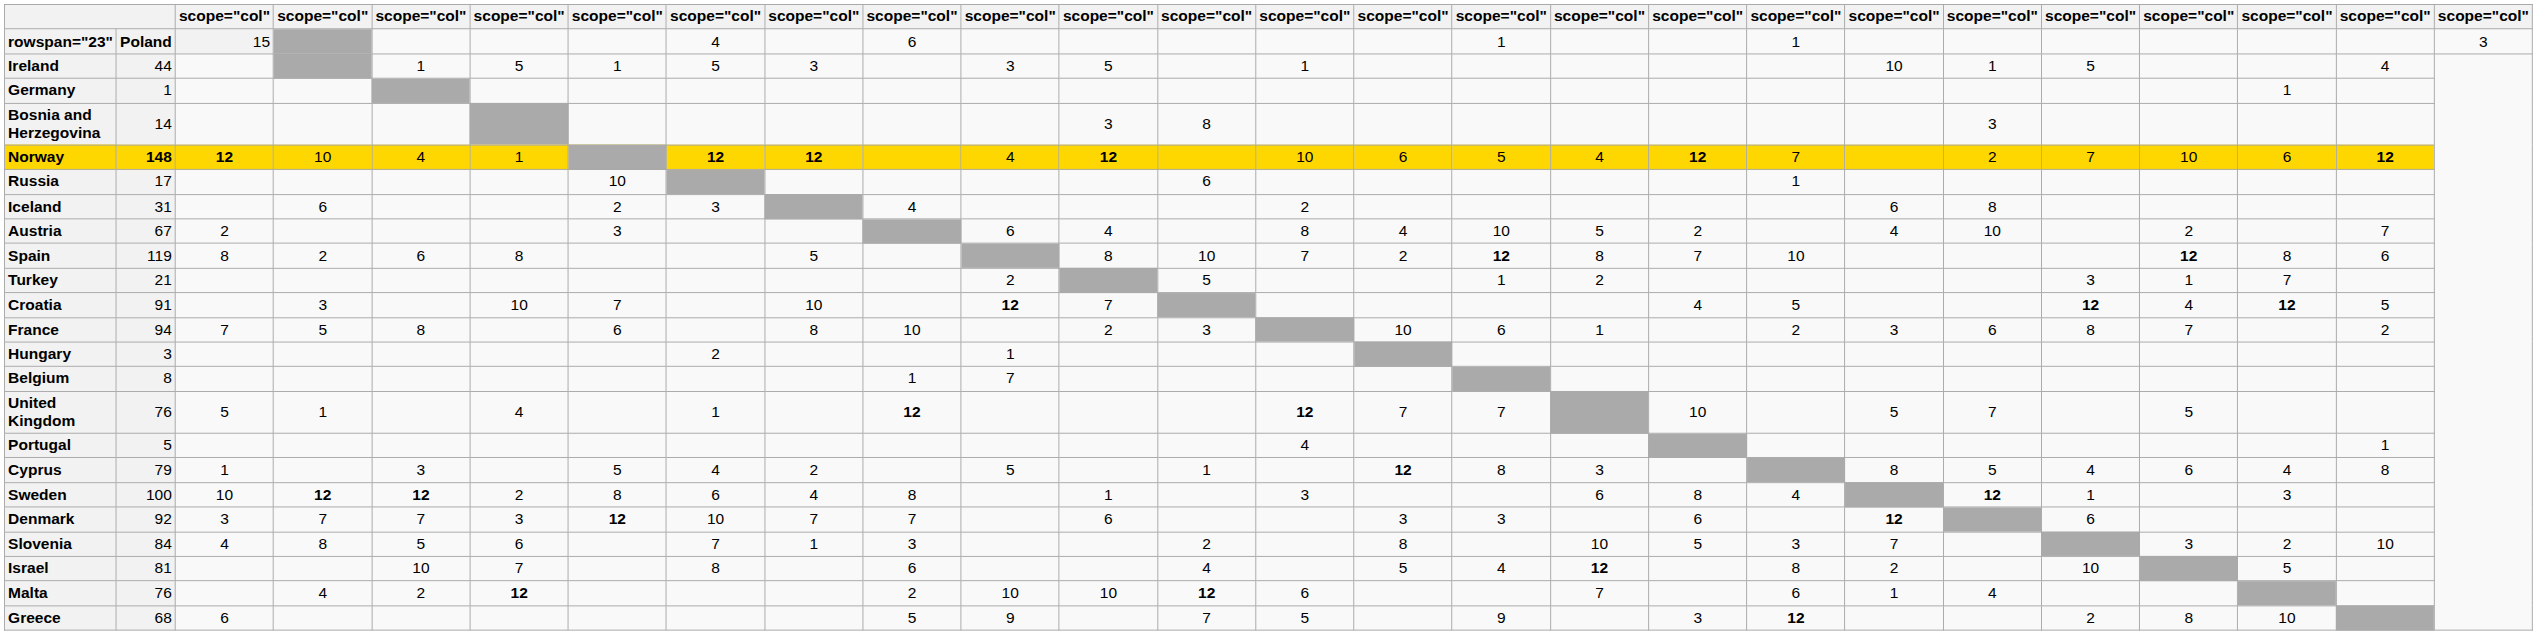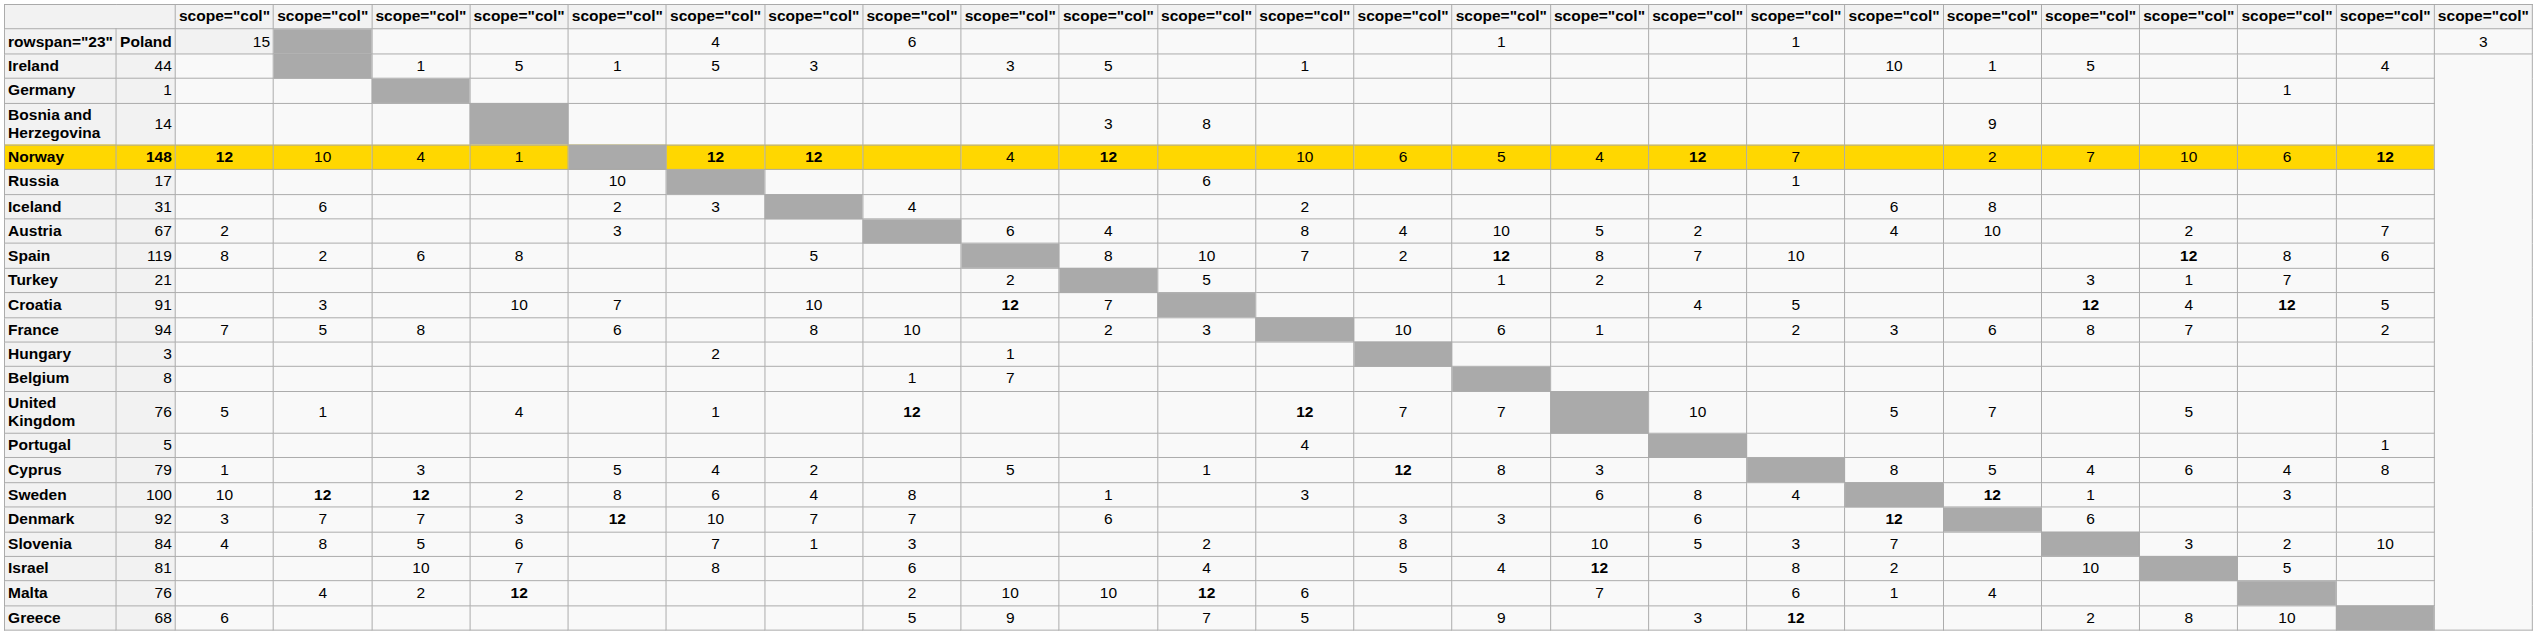 <table class="wikitable plainrowheaders" style="text-align:center;">
 <tr>
 </tr>
 <tr>
 <th colspan="2"></th>
 <th>scope="col" </th>
 <th>scope="col" </th>
 <th>scope="col" </th>
 <th>scope="col" </th>
 <th>scope="col" </th>
 <th>scope="col" </th>
 <th>scope="col" </th>
 <th>scope="col" </th>
 <th>scope="col" </th>
 <th>scope="col" </th>
 <th>scope="col" </th>
 <th>scope="col" </th>
 <th>scope="col" </th>
 <th>scope="col" </th>
 <th>scope="col" </th>
 <th>scope="col" </th>
 <th>scope="col" </th>
 <th>scope="col" </th>
 <th>scope="col" </th>
 <th>scope="col" </th>
 <th>scope="col" </th>
 <th>scope="col" </th>
 <th>scope="col" </th>
 <th>scope="col" </th>
 </tr>
 <tr>
 <th>rowspan="23" </th>
 <th scope="row" style="text-align:left; background:#f2f2f2;">Poland</th>
 <td style="text-align:right; background:#f2f2f2;">15</td>
 <td style="text-align:left; background:#aaa;"></td>
 <td></td>
 <td></td>
 <td></td>
 <td>4</td>
 <td></td>
 <td>6</td>
 <td></td>
 <td></td>
 <td></td>
 <td></td>
 <td></td>
 <td>1</td>
 <td></td>
 <td></td>
 <td>1</td>
 <td></td>
 <td></td>
 <td></td>
 <td></td>
 <td></td>
 <td></td>
 <td>3</td>
 </tr>
 <tr>
 <th scope="row" style="text-align:left; background:#f2f2f2;">Ireland</th>
 <td style="text-align:right; background:#f2f2f2;">44</td>
 <td></td>
 <td style="text-align:left; background:#aaa;"></td>
 <td>1</td>
 <td>5</td>
 <td>1</td>
 <td>5</td>
 <td>3</td>
 <td></td>
 <td>3</td>
 <td>5</td>
 <td></td>
 <td>1</td>
 <td></td>
 <td></td>
 <td></td>
 <td></td>
 <td></td>
 <td>10</td>
 <td>1</td>
 <td>5</td>
 <td></td>
 <td></td>
 <td>4</td>
 </tr>
 <tr>
 <th scope="row" style="text-align:left; background:#f2f2f2;">Germany</th>
 <td style="text-align:right; background:#f2f2f2;">1</td>
 <td></td>
 <td></td>
 <td style="text-align:left; background:#aaa;"></td>
 <td></td>
 <td></td>
 <td></td>
 <td></td>
 <td></td>
 <td></td>
 <td></td>
 <td></td>
 <td></td>
 <td></td>
 <td></td>
 <td></td>
 <td></td>
 <td></td>
 <td></td>
 <td></td>
 <td></td>
 <td></td>
 <td>1</td>
 <td></td>
 </tr>
 <tr>
 <th scope="row" style="text-align:left; background:#f2f2f2;">Bosnia and Herzegovina</th>
 <td style="text-align:right; background:#f2f2f2;">14</td>
 <td></td>
 <td></td>
 <td></td>
 <td style="text-align:left; background:#aaa;"></td>
 <td></td>
 <td></td>
 <td></td>
 <td></td>
 <td></td>
 <td>3</td>
 <td>8</td>
 <td></td>
 <td></td>
 <td></td>
 <td></td>
 <td></td>
 <td></td>
 <td></td>
-<td>3</td>
+<td>9</td>
 <td></td>
 <td></td>
 <td></td>
 <td></td>
 </tr>
 <tr style="background:gold;">
 <th scope="row" style="text-align:left; font-weight:bold; background:gold;">Norway</th>
 <td style="text-align:right; font-weight:bold;">148</td>
 <td><strong>12</strong></td>
 <td>10</td>
 <td>4</td>
 <td>1</td>
 <td style="text-align:left; background:#aaa;"></td>
 <td><strong>12</strong></td>
 <td><strong>12</strong></td>
 <td></td>
 <td>4</td>
 <td><strong>12</strong></td>
 <td></td>
 <td>10</td>
 <td>6</td>
 <td>5</td>
 <td>4</td>
 <td><strong>12</strong></td>
 <td>7</td>
 <td></td>
 <td>2</td>
 <td>7</td>
 <td>10</td>
 <td>6</td>
 <td><strong>12</strong></td>
 </tr>
 <tr>
 <th scope="row" style="text-align:left; background:#f2f2f2;">Russia</th>
 <td style="text-align:right; background:#f2f2f2;">17</td>
 <td></td>
 <td></td>
 <td></td>
 <td></td>
 <td>10</td>
 <td style="text-align:left; background:#aaa;"></td>
 <td></td>
 <td></td>
 <td></td>
 <td></td>
 <td>6</td>
 <td></td>
 <td></td>
 <td></td>
 <td></td>
 <td></td>
 <td>1</td>
 <td></td>
 <td></td>
 <td></td>
 <td></td>
 <td></td>
 <td></td>
 </tr>
 <tr>
 <th scope="row" style="text-align:left; background:#f2f2f2;">Iceland</th>
 <td style="text-align:right; background:#f2f2f2;">31</td>
 <td></td>
 <td>6</td>
 <td></td>
 <td></td>
 <td>2</td>
 <td>3</td>
 <td style="text-align:left; background:#aaa;"></td>
 <td>4</td>
 <td></td>
 <td></td>
 <td></td>
 <td>2</td>
 <td></td>
 <td></td>
 <td></td>
 <td></td>
 <td></td>
 <td>6</td>
 <td>8</td>
 <td></td>
 <td></td>
 <td></td>
 <td></td>
 </tr>
 <tr>
 <th scope="row" style="text-align:left; background:#f2f2f2;">Austria</th>
 <td style="text-align:right; background:#f2f2f2;">67</td>
 <td>2</td>
 <td></td>
 <td></td>
 <td></td>
 <td>3</td>
 <td></td>
 <td></td>
 <td style="text-align:left; background:#aaa;"></td>
 <td>6</td>
 <td>4</td>
 <td></td>
 <td>8</td>
 <td>4</td>
 <td>10</td>
 <td>5</td>
 <td>2</td>
 <td></td>
 <td>4</td>
 <td>10</td>
 <td></td>
 <td>2</td>
 <td></td>
 <td>7</td>
 </tr>
 <tr>
 <th scope="row" style="text-align:left; background:#f2f2f2;">Spain</th>
 <td style="text-align:right; background:#f2f2f2;">119</td>
 <td>8</td>
 <td>2</td>
 <td>6</td>
 <td>8</td>
 <td></td>
 <td></td>
 <td>5</td>
 <td></td>
 <td style="text-align:left; background:#aaa;"></td>
 <td>8</td>
 <td>10</td>
 <td>7</td>
 <td>2</td>
 <td><strong>12</strong></td>
 <td>8</td>
 <td>7</td>
 <td>10</td>
 <td></td>
 <td></td>
 <td></td>
 <td><strong>12</strong></td>
 <td>8</td>
 <td>6</td>
 </tr>
 <tr>
 <th scope="row" style="text-align:left; background:#f2f2f2;">Turkey</th>
 <td style="text-align:right; background:#f2f2f2;">21</td>
 <td></td>
 <td></td>
 <td></td>
 <td></td>
 <td></td>
 <td></td>
 <td></td>
 <td></td>
 <td>2</td>
 <td style="text-align:left; background:#aaa;"></td>
 <td>5</td>
 <td></td>
 <td></td>
 <td>1</td>
 <td>2</td>
 <td></td>
 <td></td>
 <td></td>
 <td></td>
 <td>3</td>
 <td>1</td>
 <td>7</td>
 <td></td>
 </tr>
 <tr>
 <th scope="row" style="text-align:left; background:#f2f2f2;">Croatia</th>
 <td style="text-align:right; background:#f2f2f2;">91</td>
 <td></td>
 <td>3</td>
 <td></td>
 <td>10</td>
 <td>7</td>
 <td></td>
 <td>10</td>
 <td></td>
 <td><strong>12</strong></td>
 <td>7</td>
 <td style="text-align:left; background:#aaa;"></td>
 <td></td>
 <td></td>
 <td></td>
 <td></td>
 <td>4</td>
 <td>5</td>
 <td></td>
 <td></td>
 <td><strong>12</strong></td>
 <td>4</td>
 <td><strong>12</strong></td>
 <td>5</td>
 </tr>
 <tr>
 <th scope="row" style="text-align:left; background:#f2f2f2;">France</th>
 <td style="text-align:right; background:#f2f2f2;">94</td>
 <td>7</td>
 <td>5</td>
 <td>8</td>
 <td></td>
 <td>6</td>
 <td></td>
 <td>8</td>
 <td>10</td>
 <td></td>
 <td>2</td>
 <td>3</td>
 <td style="text-align:left; background:#aaa;"></td>
 <td>10</td>
 <td>6</td>
 <td>1</td>
 <td></td>
 <td>2</td>
 <td>3</td>
 <td>6</td>
 <td>8</td>
 <td>7</td>
 <td></td>
 <td>2</td>
 </tr>
 <tr>
 <th scope="row" style="text-align:left; background:#f2f2f2;">Hungary</th>
 <td style="text-align:right; background:#f2f2f2;">3</td>
 <td></td>
 <td></td>
 <td></td>
 <td></td>
 <td></td>
 <td>2</td>
 <td></td>
 <td></td>
 <td>1</td>
 <td></td>
 <td></td>
 <td></td>
 <td style="text-align:left; background:#aaa;"></td>
 <td></td>
 <td></td>
 <td></td>
 <td></td>
 <td></td>
 <td></td>
 <td></td>
 <td></td>
 <td></td>
 <td></td>
 </tr>
 <tr>
 <th scope="row" style="text-align:left; background:#f2f2f2;">Belgium</th>
 <td style="text-align:right; background:#f2f2f2;">8</td>
 <td></td>
 <td></td>
 <td></td>
 <td></td>
 <td></td>
 <td></td>
 <td></td>
 <td>1</td>
 <td>7</td>
 <td></td>
 <td></td>
 <td></td>
 <td></td>
 <td style="text-align:left; background:#aaa;"></td>
 <td></td>
 <td></td>
 <td></td>
 <td></td>
 <td></td>
 <td></td>
 <td></td>
 <td></td>
 <td></td>
 </tr>
 <tr>
 <th scope="row" style="text-align:left; background:#f2f2f2;">United Kingdom</th>
 <td style="text-align:right; background:#f2f2f2;">76</td>
 <td>5</td>
 <td>1</td>
 <td></td>
 <td>4</td>
 <td></td>
 <td>1</td>
 <td></td>
 <td><strong>12</strong></td>
 <td></td>
 <td></td>
 <td></td>
 <td><strong>12</strong></td>
 <td>7</td>
 <td>7</td>
 <td style="text-align:left; background:#aaa;"></td>
 <td>10</td>
 <td></td>
 <td>5</td>
 <td>7</td>
 <td></td>
 <td>5</td>
 <td></td>
 <td></td>
 </tr>
 <tr>
 <th scope="row" style="text-align:left; background:#f2f2f2;">Portugal</th>
 <td style="text-align:right; background:#f2f2f2;">5</td>
 <td></td>
 <td></td>
 <td></td>
 <td></td>
 <td></td>
 <td></td>
 <td></td>
 <td></td>
 <td></td>
 <td></td>
 <td></td>
 <td>4</td>
 <td></td>
 <td></td>
 <td></td>
 <td style="text-align:left; background:#aaa;"></td>
 <td></td>
 <td></td>
 <td></td>
 <td></td>
 <td></td>
 <td></td>
 <td>1</td>
 </tr>
 <tr>
 <th scope="row" style="text-align:left; background:#f2f2f2;">Cyprus</th>
 <td style="text-align:right; background:#f2f2f2;">79</td>
 <td>1</td>
 <td></td>
 <td>3</td>
 <td></td>
 <td>5</td>
 <td>4</td>
 <td>2</td>
 <td></td>
 <td>5</td>
 <td></td>
 <td>1</td>
 <td></td>
 <td><strong>12</strong></td>
 <td>8</td>
 <td>3</td>
 <td></td>
 <td style="text-align:left; background:#aaa;"></td>
 <td>8</td>
 <td>5</td>
 <td>4</td>
 <td>6</td>
 <td>4</td>
 <td>8</td>
 </tr>
 <tr>
 <th scope="row" style="text-align:left; background:#f2f2f2;">Sweden</th>
 <td style="text-align:right; background:#f2f2f2;">100</td>
 <td>10</td>
 <td><strong>12</strong></td>
 <td><strong>12</strong></td>
 <td>2</td>
 <td>8</td>
 <td>6</td>
 <td>4</td>
 <td>8</td>
 <td></td>
 <td>1</td>
 <td></td>
 <td>3</td>
 <td></td>
 <td></td>
 <td>6</td>
 <td>8</td>
 <td>4</td>
 <td style="text-align:left; background:#aaa;"></td>
 <td><strong>12</strong></td>
 <td>1</td>
 <td></td>
 <td>3</td>
 <td></td>
 </tr>
 <tr>
 <th scope="row" style="text-align:left; background:#f2f2f2;">Denmark</th>
 <td style="text-align:right; background:#f2f2f2;">92</td>
 <td>3</td>
 <td>7</td>
 <td>7</td>
 <td>3</td>
 <td><strong>12</strong></td>
 <td>10</td>
 <td>7</td>
 <td>7</td>
 <td></td>
 <td>6</td>
 <td></td>
 <td></td>
 <td>3</td>
 <td>3</td>
 <td></td>
 <td>6</td>
 <td></td>
 <td><strong>12</strong></td>
 <td style="text-align:left; background:#aaa;"></td>
 <td>6</td>
 <td></td>
 <td></td>
 <td></td>
 </tr>
 <tr>
 <th scope="row" style="text-align:left; background:#f2f2f2;">Slovenia</th>
 <td style="text-align:right; background:#f2f2f2;">84</td>
 <td>4</td>
 <td>8</td>
 <td>5</td>
 <td>6</td>
 <td></td>
 <td>7</td>
 <td>1</td>
 <td>3</td>
 <td></td>
 <td></td>
 <td>2</td>
 <td></td>
 <td>8</td>
 <td></td>
 <td>10</td>
 <td>5</td>
 <td>3</td>
 <td>7</td>
 <td></td>
 <td style="text-align:left; background:#aaa;"></td>
 <td>3</td>
 <td>2</td>
 <td>10</td>
 </tr>
 <tr>
 <th scope="row" style="text-align:left; background:#f2f2f2;">Israel</th>
 <td style="text-align:right; background:#f2f2f2;">81</td>
 <td></td>
 <td></td>
 <td>10</td>
 <td>7</td>
 <td></td>
 <td>8</td>
 <td></td>
 <td>6</td>
 <td></td>
 <td></td>
 <td>4</td>
 <td></td>
 <td>5</td>
 <td>4</td>
 <td><strong>12</strong></td>
 <td></td>
 <td>8</td>
 <td>2</td>
 <td></td>
 <td>10</td>
 <td style="text-align:left; background:#aaa;"></td>
 <td>5</td>
 <td></td>
 </tr>
 <tr>
 <th scope="row" style="text-align:left; background:#f2f2f2;">Malta</th>
 <td style="text-align:right; background:#f2f2f2;">76</td>
 <td></td>
 <td>4</td>
 <td>2</td>
 <td><strong>12</strong></td>
 <td></td>
 <td></td>
 <td></td>
 <td>2</td>
 <td>10</td>
 <td>10</td>
 <td><strong>12</strong></td>
 <td>6</td>
 <td></td>
 <td></td>
 <td>7</td>
 <td></td>
 <td>6</td>
 <td>1</td>
 <td>4</td>
 <td></td>
 <td></td>
 <td style="text-align:left; background:#aaa;"></td>
 <td></td>
 </tr>
 <tr>
 <th scope="row" style="text-align:left; background:#f2f2f2;">Greece</th>
 <td style="text-align:right; background:#f2f2f2;">68</td>
 <td>6</td>
 <td></td>
 <td></td>
 <td></td>
 <td></td>
 <td></td>
 <td></td>
 <td>5</td>
 <td>9</td>
 <td></td>
 <td>7</td>
 <td>5</td>
 <td></td>
 <td>9</td>
 <td></td>
 <td>3</td>
 <td><strong>12</strong></td>
 <td></td>
 <td></td>
 <td>2</td>
 <td>8</td>
 <td>10</td>
 <td style="text-align:left; background:#aaa;"></td>
 </tr>
 </table>
